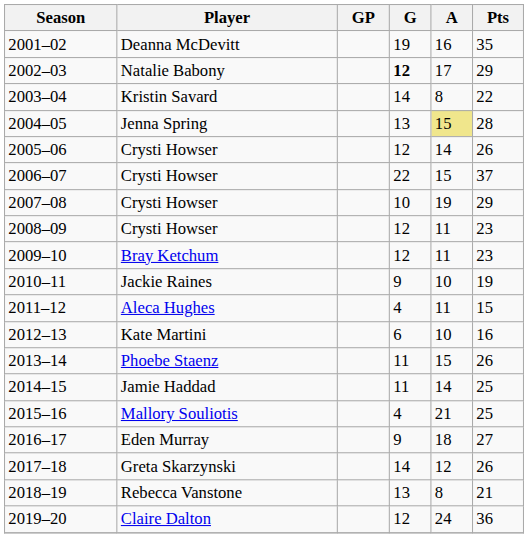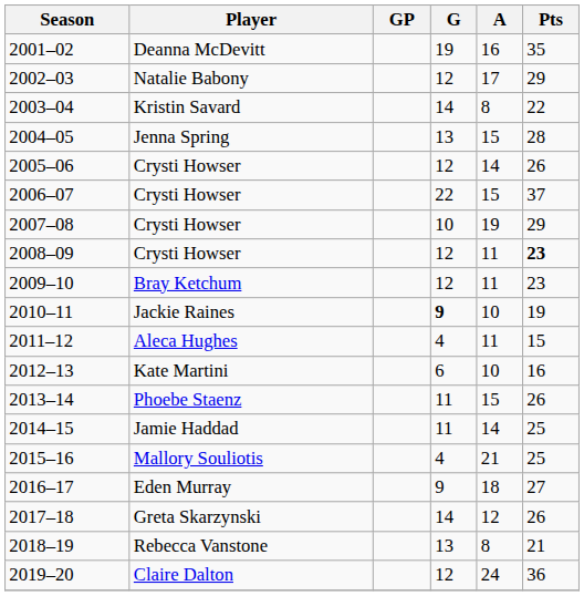 <table class="wikitable sortable" width = 500>
 <tr>
 <th>Season</th>
 <th>Player</th>
 <th>GP</th>
 <th>G</th>
 <th>A</th>
 <th>Pts</th>
 </tr>
 <tr>
 <td>2001–02</td>
 <td>Deanna McDevitt</td>
 <td></td>
 <td>19</td>
 <td>16</td>
 <td>35</td>
 </tr>
 <tr>
 <td>2002–03</td>
 <td>Natalie Babony</td>
 <td></td>
-<td><strong>12</strong></td>
+<td>12</td>
 <td>17</td>
 <td>29</td>
 </tr>
 <tr>
 <td>2003–04</td>
 <td>Kristin Savard</td>
 <td></td>
 <td>14</td>
 <td>8</td>
 <td>22</td>
 </tr>
 <tr>
 <td>2004–05</td>
 <td>Jenna Spring</td>
 <td></td>
 <td>13</td>
-<td style="background: khaki;">15</td>
+<td>15</td>
 <td>28</td>
 </tr>
 <tr>
 <td>2005–06</td>
 <td>Crysti Howser</td>
 <td></td>
 <td>12</td>
 <td>14</td>
 <td>26</td>
 </tr>
 <tr>
 <td>2006–07</td>
 <td>Crysti Howser</td>
 <td></td>
 <td>22</td>
 <td>15</td>
 <td>37</td>
 </tr>
 <tr>
 <td>2007–08</td>
 <td>Crysti Howser</td>
 <td></td>
 <td>10</td>
 <td>19</td>
 <td>29</td>
 </tr>
 <tr>
 <td>2008–09</td>
 <td>Crysti Howser</td>
 <td></td>
 <td>12</td>
 <td>11</td>
-<td>23</td>
+<td><strong>23</strong></td>
 </tr>
 <tr>
 <td>2009–10</td>
 <td><a href='#'>Bray Ketchum</a></td>
 <td></td>
 <td>12</td>
 <td>11</td>
 <td>23</td>
 </tr>
 <tr>
 <td>2010–11</td>
 <td>Jackie Raines</td>
 <td></td>
-<td>9</td>
+<td><strong>9</strong></td>
 <td>10</td>
 <td>19</td>
 </tr>
 <tr>
 <td>2011–12</td>
 <td><a href='#'>Aleca Hughes</a></td>
 <td></td>
 <td>4</td>
 <td>11</td>
 <td>15</td>
 </tr>
 <tr>
 <td>2012–13</td>
 <td>Kate Martini</td>
 <td></td>
 <td>6</td>
 <td>10</td>
 <td>16</td>
 </tr>
 <tr>
 <td>2013–14</td>
 <td><a href='#'>Phoebe Staenz</a></td>
 <td></td>
 <td>11</td>
 <td>15</td>
 <td>26</td>
 </tr>
 <tr>
 <td>2014–15</td>
 <td>Jamie Haddad</td>
 <td></td>
 <td>11</td>
 <td>14</td>
 <td>25</td>
 </tr>
 <tr>
 <td>2015–16</td>
 <td><a href='#'>Mallory Souliotis</a></td>
 <td></td>
 <td>4</td>
 <td>21</td>
 <td>25</td>
 </tr>
 <tr>
 <td>2016–17</td>
 <td>Eden Murray</td>
 <td></td>
 <td>9</td>
 <td>18</td>
 <td>27</td>
 </tr>
 <tr>
 <td>2017–18</td>
 <td>Greta Skarzynski</td>
 <td></td>
 <td>14</td>
 <td>12</td>
 <td>26</td>
 </tr>
 <tr>
 <td>2018–19</td>
 <td>Rebecca Vanstone</td>
 <td></td>
 <td>13</td>
 <td>8</td>
 <td>21</td>
 </tr>
 <tr>
 <td>2019–20</td>
 <td><a href='#'>Claire Dalton</a></td>
 <td></td>
 <td>12</td>
 <td>24</td>
 <td>36</td>
 </tr>
 <tr>
 </tr>
 </table>
